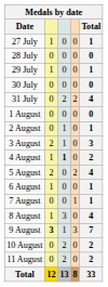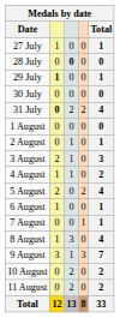 <table class="wikitable" style="font-size:85%">
 <tr bgcolor="#efefef">
 <th colspan=6>Medals by date</th>
 </tr>
 <tr align=center>
 <th>Date</th>
 <td bgcolor=#f7f6a8></td>
 <td bgcolor=#dce5e5></td>
 <td bgcolor=#ffdab9></td>
 <th>Total</th>
 </tr>
 <tr align=center>
 <td>27 July</td>
 <td style="background:#F7F6A8;">1</td>
 <td style="background:#DCE5E5;">0</td>
 <td style="background:#FFDAB9;">0</td>
 <th>1</th>
 </tr>
 <tr align=center>
 <td>28 July</td>
 <td style="background:#F7F6A8;">0</td>
-<td style="background:#DCE5E5;">0</td>
+<td style="background:#DCE5E5;"><strong>0</strong></td>
 <td style="background:#FFDAB9;">0</td>
 <th>0</th>
 </tr>
 <tr align=center>
 <td>29 July</td>
-<td style="background:#F7F6A8;">1</td>
+<td style="background:#F7F6A8;"><strong>1</strong></td>
 <td style="background:#DCE5E5;">0</td>
 <td style="background:#FFDAB9;">0</td>
 <th>1</th>
 </tr>
 <tr align=center>
 <td>30 July</td>
 <td style="background:#F7F6A8;">0</td>
 <td style="background:#DCE5E5;">0</td>
 <td style="background:#FFDAB9;">0</td>
 <th>0</th>
 </tr>
 <tr align=center>
 <td>31 July</td>
-<td style="background:#F7F6A8;">0</td>
+<td style="background:#F7F6A8;"><strong>0</strong></td>
 <td style="background:#DCE5E5;">2</td>
 <td style="background:#FFDAB9;">2</td>
 <th>4</th>
 </tr>
 <tr align=center>
 <td>1 August</td>
 <td style="background:#F7F6A8;">0</td>
 <td style="background:#DCE5E5;">0</td>
 <td style="background:#FFDAB9;">0</td>
 <th>0</th>
 </tr>
 <tr align=center>
 <td>2 August</td>
 <td style="background:#F7F6A8;">0</td>
 <td style="background:#DCE5E5;">1</td>
 <td style="background:#FFDAB9;">0</td>
 <th>1</th>
 </tr>
 <tr align=center>
 <td>3 August</td>
 <td style="background:#F7F6A8;">2</td>
 <td style="background:#DCE5E5;">1</td>
 <td style="background:#FFDAB9;">0</td>
 <th>3</th>
 </tr>
 <tr align=center>
 <td>4 August</td>
 <td style="background:#F7F6A8;">1</td>
-<td style="background:#DCE5E5;"><strong>1</strong></td>
+<td style="background:#DCE5E5;">1</td>
 <td style="background:#FFDAB9;">0</td>
 <th>2</th>
 </tr>
 <tr align=center>
 <td>5 August</td>
 <td style="background:#F7F6A8;">2</td>
 <td style="background:#DCE5E5;">0</td>
 <td style="background:#FFDAB9;">2</td>
 <th>4</th>
 </tr>
 <tr align=center>
 <td>6 August</td>
 <td style="background:#F7F6A8;">1</td>
 <td style="background:#DCE5E5;">0</td>
 <td style="background:#FFDAB9;">0</td>
 <th>1</th>
 </tr>
 <tr align=center>
 <td>7 August</td>
 <td style="background:#F7F6A8;">0</td>
 <td style="background:#DCE5E5;">0</td>
 <td style="background:#FFDAB9;">1</td>
 <th>1</th>
 </tr>
 <tr align=center>
 <td>8 August</td>
 <td style="background:#F7F6A8;">1</td>
 <td style="background:#DCE5E5;">3</td>
 <td style="background:#FFDAB9;">0</td>
 <th>4</th>
 </tr>
 <tr align=center>
 <td>9 August</td>
-<td style="background:#F7F6A8;"><strong>3</strong></td>
+<td style="background:#F7F6A8;">3</td>
 <td style="background:#DCE5E5;">1</td>
 <td style="background:#FFDAB9;">3</td>
 <th>7</th>
 </tr>
 <tr align=center>
 <td>10 August</td>
 <td style="background:#F7F6A8;">0</td>
 <td style="background:#DCE5E5;">2</td>
 <td style="background:#FFDAB9;">0</td>
 <th>2</th>
 </tr>
 <tr align=center>
 <td>11 August</td>
 <td style="background:#F7F6A8;">0</td>
 <td style="background:#DCE5E5;">2</td>
 <td style="background:#FFDAB9;">0</td>
 <th>2</th>
 </tr>
 <tr align=center>
 <th><strong>Total</strong></th>
 <th style="background:gold;">12</th>
 <th style="background:silver;">13</th>
 <th style="background:#c96;">8</th>
 <th>33</th>
 </tr>
 </table>
